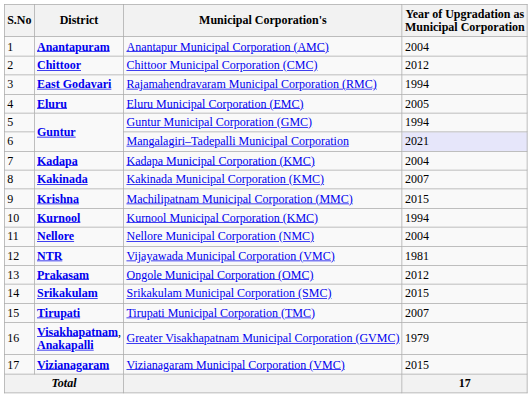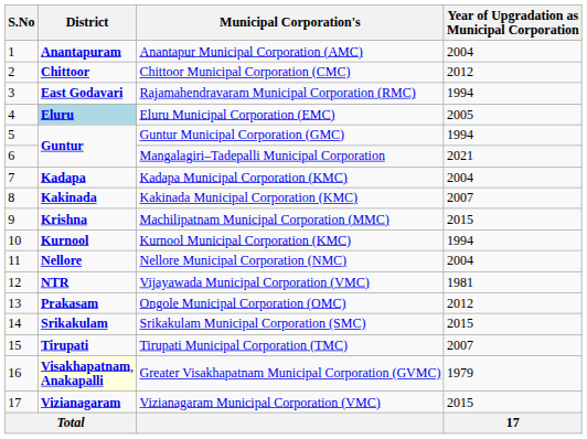 <table class="sortable wikitable">
 <tr>
 <th>S.No</th>
 <th class="unsortable">District</th>
 <th class="unsortable">Municipal Corporation's</th>
 <th>Year of Upgradation as<br>Municipal Corporation</th>
 </tr>
 <tr>
 <td>1</td>
 <td><a href='#'><strong>Anantapuram</strong></a></td>
 <td><a href='#'>Anantapur Municipal Corporation (AMC)</a></td>
 <td>2004</td>
 </tr>
 <tr>
 <td>2</td>
 <td><a href='#'><strong>Chittoor</strong></a></td>
 <td><a href='#'>Chittoor Municipal Corporation (CMC)</a></td>
 <td>2012</td>
 </tr>
 <tr>
 <td>3</td>
 <td><a href='#'><strong>East Godavari</strong></a></td>
 <td><a href='#'> Rajamahendravaram Municipal Corporation (RMC)</a></td>
 <td>1994</td>
 </tr>
 <tr>
 <td>4</td>
-<td><a href='#'><strong>Eluru</strong></a></td>
+<td style="background: lightblue;"><a href='#'><strong>Eluru</strong></a></td>
 <td><a href='#'>Eluru Municipal Corporation (EMC)</a></td>
 <td>2005</td>
 </tr>
 <tr>
 <td>5</td>
 <td rowspan="2"><a href='#'><strong>Guntur</strong></a></td>
 <td><a href='#'>Guntur Municipal Corporation (GMC)</a></td>
 <td>1994</td>
 </tr>
 <tr>
 <td>6</td>
 <td><a href='#'>Mangalagiri–Tadepalli Municipal Corporation</a></td>
-<td style="background: lavender;">2021</td>
+<td>2021</td>
 </tr>
 <tr>
 <td>7</td>
 <td><a href='#'><strong>Kadapa</strong></a></td>
 <td><a href='#'>Kadapa Municipal Corporation (KMC)</a></td>
 <td>2004</td>
 </tr>
 <tr>
 <td>8</td>
 <td><a href='#'><strong>Kakinada</strong></a></td>
 <td><a href='#'>Kakinada Municipal Corporation (KMC)</a></td>
 <td>2007</td>
 </tr>
 <tr>
 <td>9</td>
 <td><a href='#'><strong>Krishna</strong></a></td>
 <td><a href='#'>Machilipatnam Municipal Corporation (MMC)</a></td>
 <td>2015</td>
 </tr>
 <tr>
 <td>10</td>
 <td><a href='#'><strong>Kurnool</strong></a></td>
 <td><a href='#'>Kurnool Municipal Corporation (KMC)</a></td>
 <td>1994</td>
 </tr>
 <tr>
 <td>11</td>
 <td><a href='#'><strong>Nellore</strong></a></td>
 <td><a href='#'>Nellore Municipal Corporation (NMC)</a></td>
 <td>2004</td>
 </tr>
 <tr>
 <td>12</td>
 <td><a href='#'><strong>NTR</strong></a></td>
 <td><a href='#'>Vijayawada Municipal Corporation (VMC)</a></td>
 <td>1981</td>
 </tr>
 <tr>
 <td>13</td>
 <td><a href='#'><strong>Prakasam</strong></a></td>
 <td><a href='#'>Ongole Municipal Corporation (OMC)</a></td>
 <td>2012</td>
 </tr>
 <tr>
 <td>14</td>
 <td><a href='#'><strong>Srikakulam</strong></a></td>
 <td><a href='#'>Srikakulam Municipal Corporation (SMC)</a></td>
 <td>2015</td>
 </tr>
 <tr>
 <td>15</td>
 <td><a href='#'><strong>Tirupati</strong></a></td>
 <td><a href='#'>Tirupati Municipal Corporation (TMC)</a></td>
 <td>2007</td>
 </tr>
 <tr>
 <td>16</td>
-<td><a href='#'><strong>Visakhapatnam</strong></a>,<br><a href='#'><strong>Anakapalli</strong></a></td>
+<td style="background: lightyellow;"><a href='#'><strong>Visakhapatnam</strong></a>,<br><a href='#'><strong>Anakapalli</strong></a></td>
 <td><a href='#'>Greater Visakhapatnam Municipal Corporation (GVMC)</a></td>
 <td>1979</td>
 </tr>
 <tr>
 <td>17</td>
 <td><a href='#'><strong>Vizianagaram</strong></a></td>
 <td><a href='#'>Vizianagaram Municipal Corporation (VMC)</a></td>
 <td>2015</td>
 </tr>
 <tr>
 <th colspan="2" style="text-align:center;"><strong><em>Total</em></strong></th>
 <th></th>
 <th style="text-align:center">17</th>
 </tr>
 </table>
